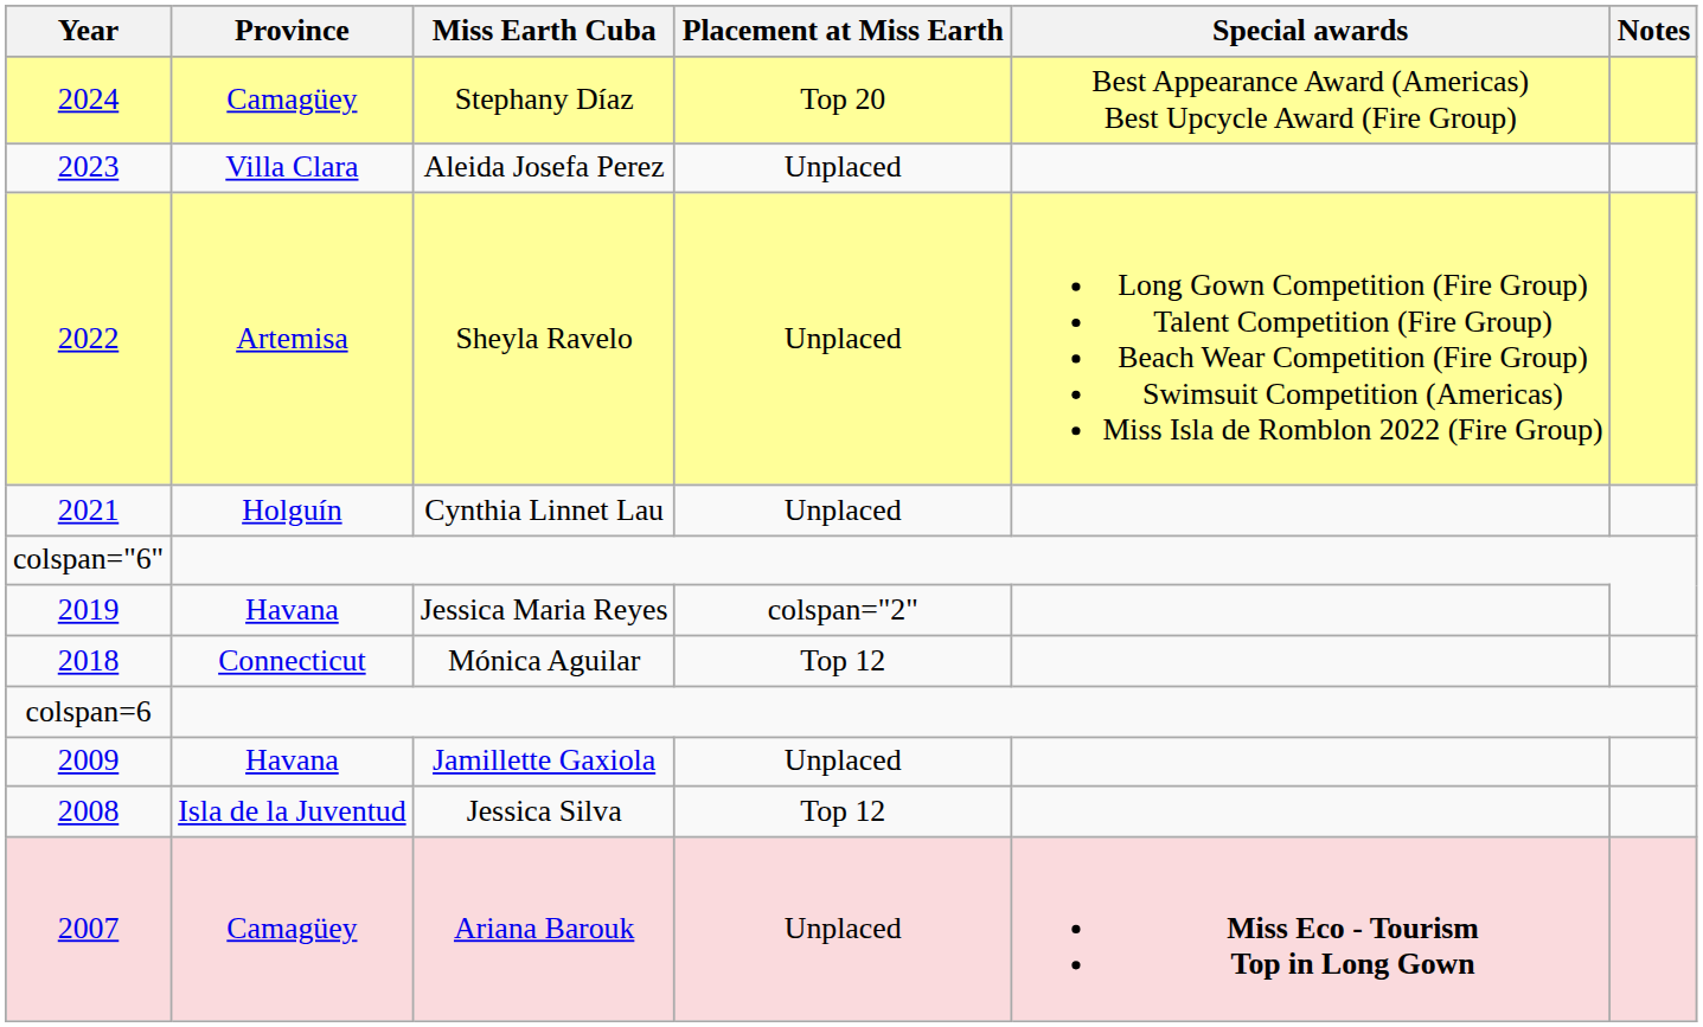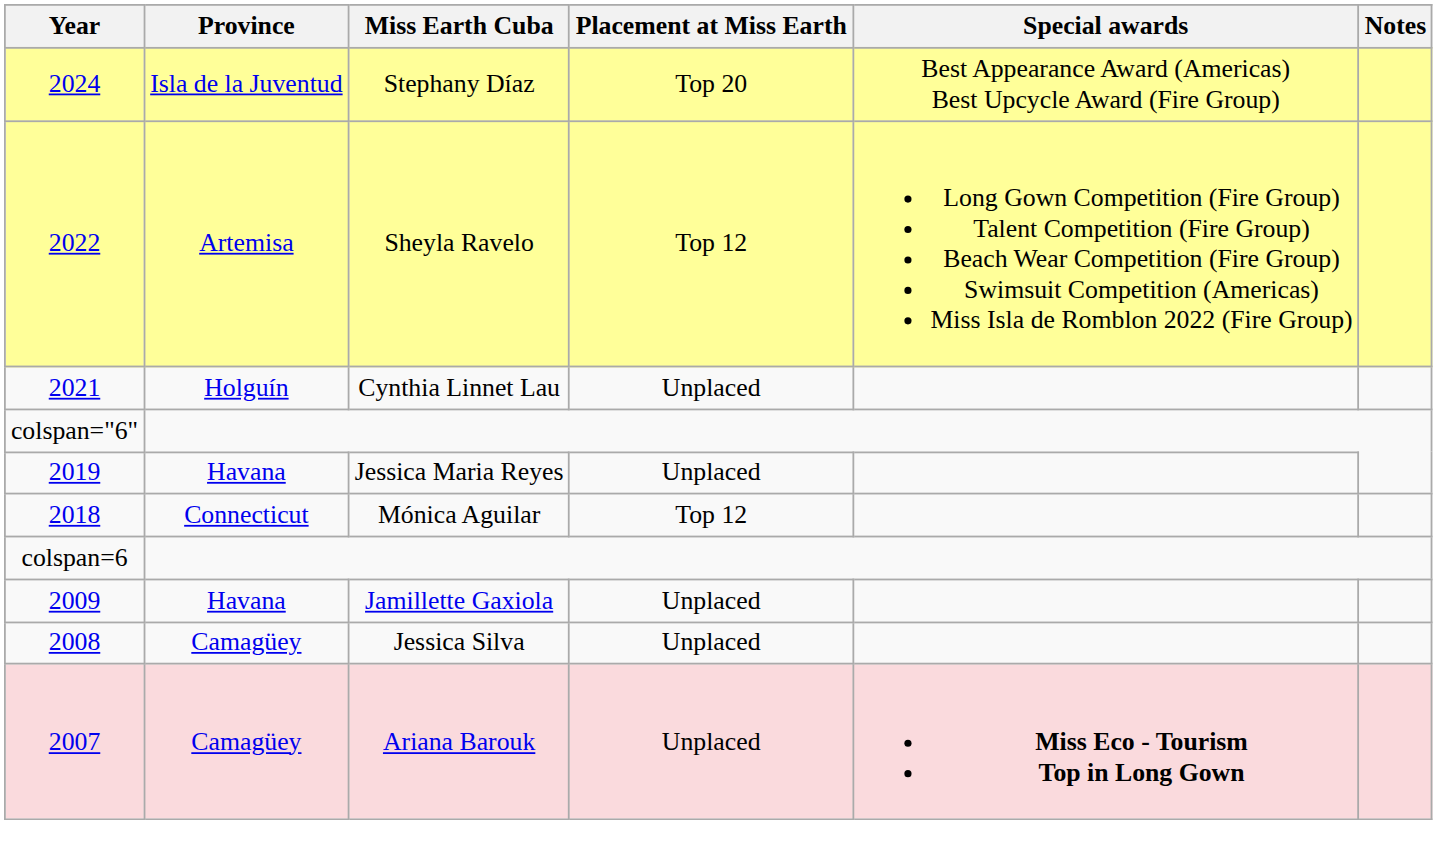 <table class="wikitable " style="font-size: 90%; text-align:center;">
 <tr>
 <th>Year</th>
 <th>Province</th>
 <th>Miss Earth Cuba</th>
 <th>Placement at Miss Earth</th>
 <th>Special awards</th>
 <th>Notes</th>
 </tr>
 <tr style="background-color:#FFFF99;">
 <td><a href='#'>2024</a></td>
-<td><a href='#'>Camagüey</a></td>
+<td><a href='#'>Isla de la Juventud</a></td>
 <td>Stephany Díaz</td>
 <td>Top 20</td>
 <td>Best Appearance Award (Americas)<br>Best Upcycle Award (Fire Group)</td>
-<td></td>
-</tr>
-<tr>
-<td><a href='#'>2023</a></td>
-<td><a href='#'>Villa Clara</a></td>
-<td>Aleida Josefa Perez</td>
-<td>Unplaced</td>
-<td></td>
 <td></td>
 </tr>
 <tr style="background-color:#FFFF99; ">
 <td><a href='#'>2022</a></td>
 <td><a href='#'>Artemisa</a></td>
 <td>Sheyla Ravelo</td>
-<td>Unplaced</td>
+<td>Top 12</td>
 <td><br><ul><li> Long Gown Competition (Fire Group)</li><li> Talent Competition (Fire Group)</li><li> Beach Wear Competition (Fire Group)</li><li> Swimsuit Competition (Americas)</li><li>Miss Isla de Romblon 2022 (Fire Group)</li></ul></td>
 <td></td>
 </tr>
 <tr>
 <td><a href='#'>2021</a></td>
 <td><a href='#'>Holguín</a></td>
 <td>Cynthia Linnet Lau</td>
 <td>Unplaced</td>
 <td></td>
 <td></td>
 </tr>
 <tr>
 <td>colspan="6" </td>
 </tr>
 <tr>
 <td><a href='#'>2019</a></td>
 <td><a href='#'>Havana</a></td>
 <td>Jessica Maria Reyes</td>
-<td>colspan="2" </td>
+<td>Unplaced</td>
 <td></td>
 </tr>
 <tr>
 <td><a href='#'>2018</a></td>
 <td><a href='#'>Connecticut</a></td>
 <td>Mónica Aguilar</td>
 <td>Top 12</td>
 <td></td>
 <td></td>
 </tr>
 <tr>
 <td>colspan=6 </td>
 </tr>
 <tr>
 <td><a href='#'>2009</a></td>
 <td><a href='#'>Havana</a></td>
 <td><a href='#'>Jamillette Gaxiola</a></td>
 <td>Unplaced</td>
 <td></td>
 <td></td>
 </tr>
 <tr>
 <td><a href='#'>2008</a></td>
-<td><a href='#'>Isla de la Juventud</a></td>
+<td><a href='#'>Camagüey</a></td>
 <td>Jessica Silva</td>
-<td>Top 12</td>
+<td>Unplaced</td>
 <td></td>
 <td></td>
 </tr>
 <tr style="background-color:#FADADD">
 <td><a href='#'>2007</a></td>
 <td><a href='#'>Camagüey</a></td>
 <td><a href='#'>Ariana Barouk</a></td>
 <td>Unplaced</td>
 <td><br><ul><li><strong> Miss Eco - Tourism</strong></li><li><strong>Top in Long Gown </strong></li></ul></td>
 <td></td>
 </tr>
 </table>
